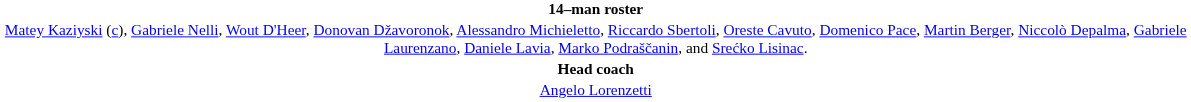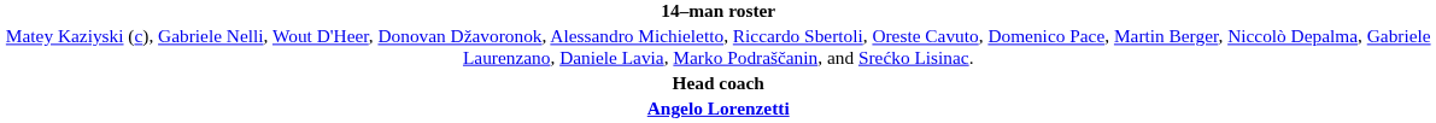 <table style="text-align: center; margin-top: 2em; margin-left: auto; margin-right: auto">
 <tr>
 <td><strong>14–man roster</strong></td>
 </tr>
 <tr>
 <td><a href='#'>Matey Kaziyski</a> (<a href='#'>c</a>), <a href='#'>Gabriele Nelli</a>, <a href='#'>Wout D'Heer</a>, <a href='#'>Donovan Džavoronok</a>, <a href='#'>Alessandro Michieletto</a>, <a href='#'>Riccardo Sbertoli</a>, <a href='#'>Oreste Cavuto</a>, <a href='#'>Domenico Pace</a>, <a href='#'>Martin Berger</a>, <a href='#'>Niccolò Depalma</a>, <a href='#'>Gabriele Laurenzano</a>, <a href='#'>Daniele Lavia</a>, <a href='#'>Marko Podraščanin</a>, and <a href='#'>Srećko Lisinac</a>.</td>
 </tr>
 <tr>
 <td><strong>Head coach</strong></td>
 </tr>
 <tr>
-<td><a href='#'>Angelo Lorenzetti</a></td>
+<td><strong><a href='#'>Angelo Lorenzetti</a></strong></td>
 </tr>
 </table>
